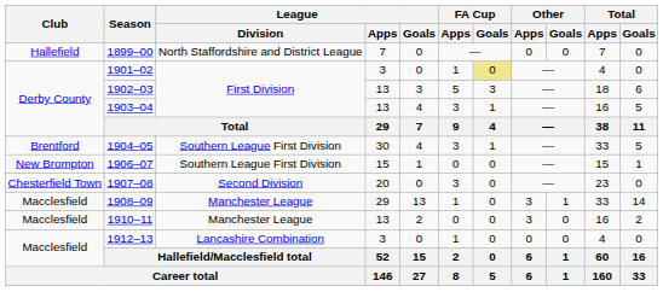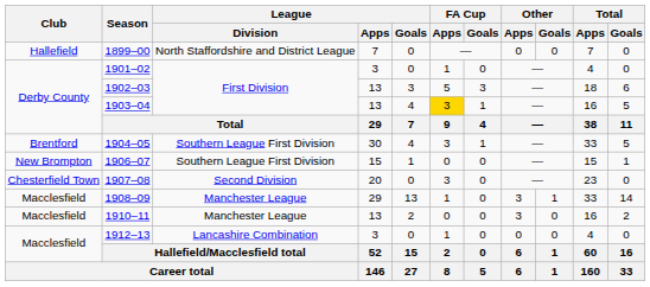 <table class="wikitable" style="text-align: center;">
 <tr>
 <th rowspan="2">Club</th>
 <th rowspan="2">Season</th>
 <th colspan="3">League</th>
 <th colspan="2">FA Cup</th>
 <th colspan="2">Other</th>
 <th colspan="2">Total</th>
 </tr>
 <tr>
 <th>Division</th>
 <th>Apps</th>
 <th>Goals</th>
 <th>Apps</th>
 <th>Goals</th>
 <th>Apps</th>
 <th>Goals</th>
 <th>Apps</th>
 <th>Goals</th>
 </tr>
 <tr>
 <td><a href='#'>Hallefield</a></td>
 <td><a href='#'>1899–00</a></td>
 <td>North Staffordshire and District League</td>
 <td>7</td>
 <td>0</td>
 <td colspan="2">—</td>
 <td>0</td>
 <td>0</td>
 <td>7</td>
 <td>0</td>
 </tr>
 <tr>
 <td rowspan="4"><a href='#'>Derby County</a></td>
 <td><a href='#'>1901–02</a></td>
 <td rowspan="3"><a href='#'>First Division</a></td>
 <td>3</td>
 <td>0</td>
 <td>1</td>
-<td style="background: khaki;">0</td>
+<td>0</td>
 <td colspan="2">—</td>
 <td>4</td>
 <td>0</td>
 </tr>
 <tr>
 <td><a href='#'>1902–03</a></td>
 <td>13</td>
 <td>3</td>
 <td>5</td>
 <td>3</td>
 <td colspan="2">—</td>
 <td>18</td>
 <td>6</td>
 </tr>
 <tr>
 <td><a href='#'>1903–04</a></td>
 <td>13</td>
 <td>4</td>
-<td>3</td>
+<td style="background: gold;">3</td>
 <td>1</td>
 <td colspan="2">—</td>
 <td>16</td>
 <td>5</td>
 </tr>
 <tr>
 <th colspan="2">Total</th>
 <th>29</th>
 <th>7</th>
 <th>9</th>
 <th>4</th>
 <th colspan="2">—</th>
 <th>38</th>
 <th>11</th>
 </tr>
 <tr>
 <td><a href='#'>Brentford</a></td>
 <td><a href='#'>1904–05</a></td>
 <td><a href='#'>Southern League</a> First Division</td>
 <td>30</td>
 <td>4</td>
 <td>3</td>
 <td>1</td>
 <td colspan="2">—</td>
 <td>33</td>
 <td>5</td>
 </tr>
 <tr>
 <td><a href='#'>New Brompton</a></td>
 <td><a href='#'>1906–07</a></td>
 <td>Southern League First Division</td>
 <td>15</td>
 <td>1</td>
 <td>0</td>
 <td>0</td>
 <td colspan="2">—</td>
 <td>15</td>
 <td>1</td>
 </tr>
 <tr>
 <td><a href='#'>Chesterfield Town</a></td>
 <td><a href='#'>1907–08</a></td>
 <td><a href='#'>Second Division</a></td>
 <td>20</td>
 <td>0</td>
 <td>3</td>
 <td>0</td>
 <td colspan="2">—</td>
 <td>23</td>
 <td>0</td>
 </tr>
 <tr>
 <td>Macclesfield</td>
 <td><a href='#'>1908–09</a></td>
 <td><a href='#'>Manchester League</a></td>
 <td>29</td>
 <td>13</td>
 <td>1</td>
 <td>0</td>
 <td>3</td>
 <td>1</td>
 <td>33</td>
 <td>14</td>
 </tr>
 <tr>
 <td>Macclesfield</td>
 <td><a href='#'>1910–11</a></td>
 <td>Manchester League</td>
 <td>13</td>
 <td>2</td>
 <td>0</td>
 <td>0</td>
 <td>3</td>
 <td>0</td>
 <td>16</td>
 <td>2</td>
 </tr>
 <tr>
 <td rowspan="2">Macclesfield</td>
 <td><a href='#'>1912–13</a></td>
 <td><a href='#'>Lancashire Combination</a></td>
 <td>3</td>
 <td>0</td>
 <td>1</td>
 <td>0</td>
 <td>0</td>
 <td>0</td>
 <td>4</td>
 <td>0</td>
 </tr>
 <tr>
 <th colspan="2">Hallefield/Macclesfield total</th>
 <th>52</th>
 <th>15</th>
 <th>2</th>
 <th>0</th>
 <th>6</th>
 <th>1</th>
 <th>60</th>
 <th>16</th>
 </tr>
 <tr>
 <th colspan="3">Career total</th>
 <th>146</th>
 <th>27</th>
 <th>8</th>
 <th>5</th>
 <th>6</th>
 <th>1</th>
 <th>160</th>
 <th>33</th>
 </tr>
 </table>
